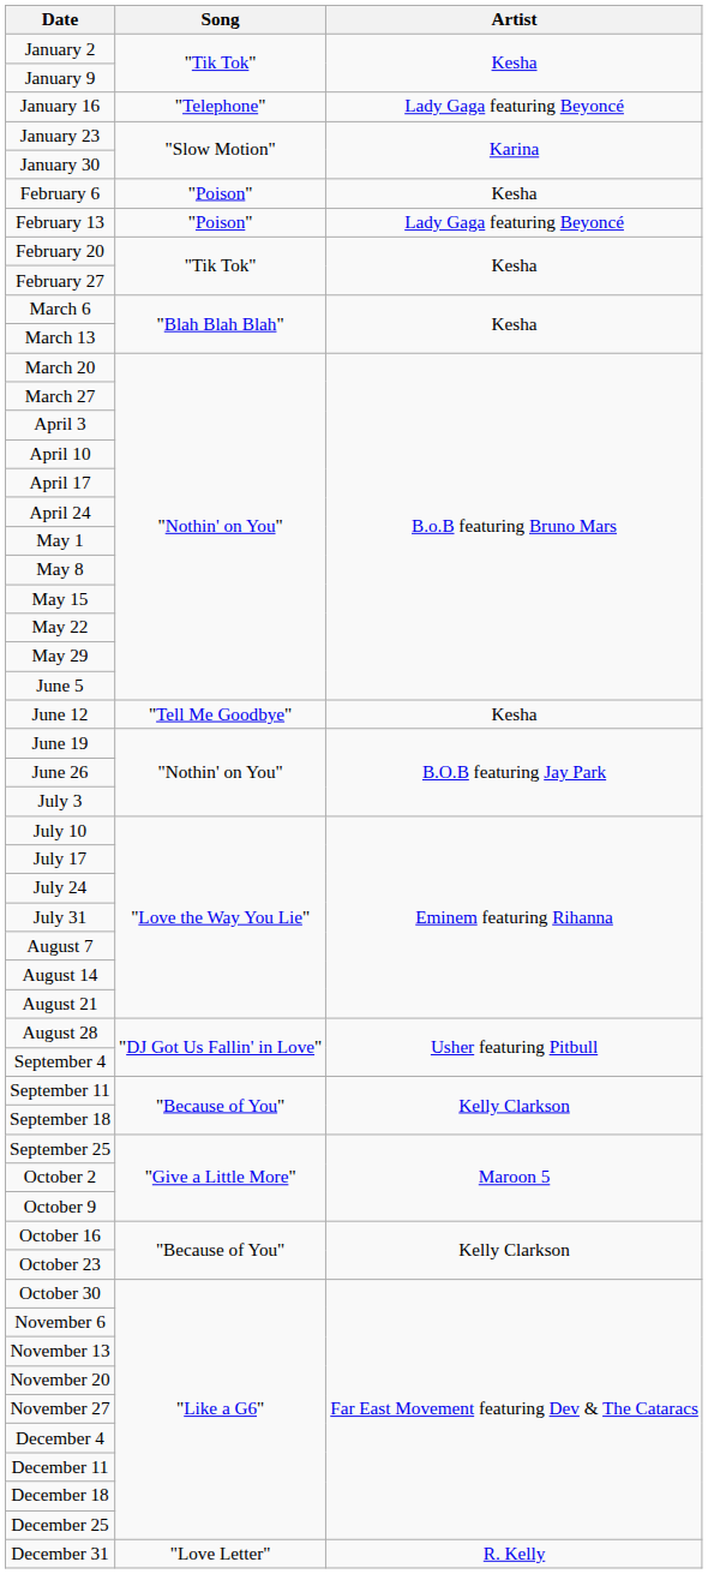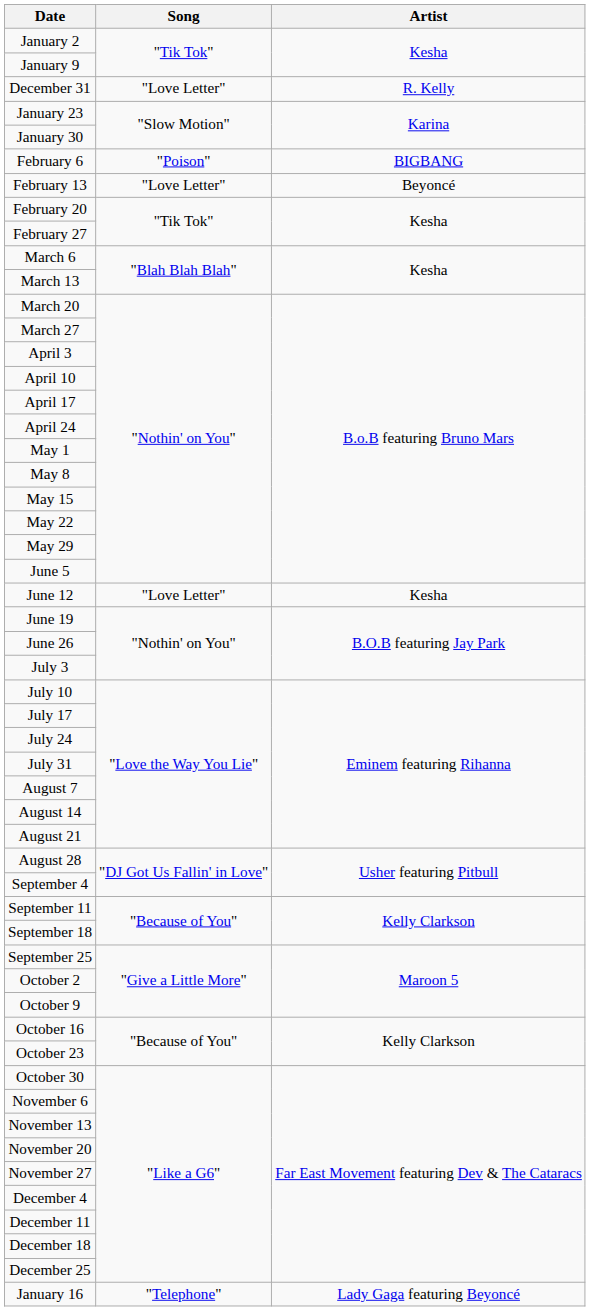 <table class="wikitable">
 <tr>
 <th>Date</th>
 <th>Song</th>
 <th>Artist</th>
 </tr>
 <tr>
 <td align="center">January 2</td>
 <td align="center" rowspan="2">"<a href='#'>Tik Tok</a>"</td>
 <td align="center" rowspan="2"><a href='#'>Kesha</a></td>
 </tr>
 <tr>
 <td align="center">January 9</td>
 </tr>
 <tr>
-<td align="center">January 16</td>
-<td align="center">"<a href='#'>Telephone</a>"</td>
-<td align="center"><a href='#'>Lady Gaga</a> featuring <a href='#'>Beyoncé</a></td>
+<td align="center">December 31</td>
+<td align="center">"Love Letter"</td>
+<td align="center"><a href='#'>R. Kelly</a></td>
 </tr>
 <tr>
 <td align="center">January 23</td>
 <td align="center" rowspan="2">"Slow Motion"</td>
 <td align="center" rowspan="2"><a href='#'>Karina</a></td>
 </tr>
 <tr>
 <td align="center">January 30</td>
 </tr>
 <tr>
 <td align="center">February 6</td>
 <td align="center">"<a href='#'>Poison</a>"</td>
-<td align="center">Kesha</td>
+<td align="center"><a href='#'>BIGBANG</a></td>
 </tr>
 <tr>
 <td align="center">February 13</td>
-<td align="center">"<a href='#'>Poison</a>"</td>
-<td align="center"><a href='#'>Lady Gaga</a> featuring <a href='#'>Beyoncé</a></td>
+<td align="center">"Love Letter"</td>
+<td align="center">Beyoncé</td>
 </tr>
 <tr>
 <td align="center">February 20</td>
 <td align="center" rowspan="2">"Tik Tok"</td>
 <td align="center" rowspan="2">Kesha</td>
 </tr>
 <tr>
 <td align="center">February 27</td>
 </tr>
 <tr>
 <td align="center">March 6</td>
 <td align="center" rowspan="2">"<a href='#'>Blah Blah Blah</a>"</td>
 <td align="center" rowspan="2">Kesha</td>
 </tr>
 <tr>
 <td align="center">March 13</td>
 </tr>
 <tr>
 <td align="center">March 20</td>
 <td align="center" rowspan="12">"<a href='#'>Nothin' on You</a>"</td>
 <td align="center" rowspan="12"><a href='#'>B.o.B</a> featuring <a href='#'>Bruno Mars</a></td>
 </tr>
 <tr>
 <td align="center">March 27</td>
 </tr>
 <tr>
 <td align="center">April 3</td>
 </tr>
 <tr>
 <td align="center">April 10</td>
 </tr>
 <tr>
 <td align="center">April 17</td>
 </tr>
 <tr>
 <td align="center">April 24</td>
 </tr>
 <tr>
 <td align="center">May 1</td>
 </tr>
 <tr>
 <td align="center">May 8</td>
 </tr>
 <tr>
 <td align="center">May 15</td>
 </tr>
 <tr>
 <td align="center">May 22</td>
 </tr>
 <tr>
 <td align="center">May 29</td>
 </tr>
 <tr>
 <td align="center">June 5</td>
 </tr>
 <tr>
 <td align="center">June 12</td>
-<td align="center">"<a href='#'>Tell Me Goodbye</a>"</td>
+<td align="center">"Love Letter"</td>
 <td align="center">Kesha</td>
 </tr>
 <tr>
 <td align="center">June 19</td>
 <td align="center" rowspan="3">"Nothin' on You"</td>
 <td align="center" rowspan="3"><a href='#'>B.O.B</a> featuring <a href='#'>Jay Park</a></td>
 </tr>
 <tr>
 <td align="center">June 26</td>
 </tr>
 <tr>
 <td align="center">July 3</td>
 </tr>
 <tr>
 <td align="center">July 10</td>
 <td align="center" rowspan="7">"<a href='#'>Love the Way You Lie</a>"</td>
 <td align="center" rowspan="7"><a href='#'>Eminem</a> featuring <a href='#'>Rihanna</a></td>
 </tr>
 <tr>
 <td align="center">July 17</td>
 </tr>
 <tr>
 <td align="center">July 24</td>
 </tr>
 <tr>
 <td align="center">July 31</td>
 </tr>
 <tr>
 <td align="center">August 7</td>
 </tr>
 <tr>
 <td align="center">August 14</td>
 </tr>
 <tr>
 <td align="center">August 21</td>
 </tr>
 <tr>
 <td align="center">August 28</td>
 <td align="center" rowspan="2">"<a href='#'>DJ Got Us Fallin' in Love</a>"</td>
 <td align="center" rowspan="2"><a href='#'>Usher</a> featuring <a href='#'>Pitbull</a></td>
 </tr>
 <tr>
 <td align="center">September 4</td>
 </tr>
 <tr>
 <td align="center">September 11</td>
 <td align="center" rowspan="2">"<a href='#'>Because of You</a>"</td>
 <td align="center" rowspan="2"><a href='#'>Kelly Clarkson</a></td>
 </tr>
 <tr>
 <td align="center">September 18</td>
 </tr>
 <tr>
 <td align="center">September 25</td>
 <td align="center" rowspan="3">"<a href='#'>Give a Little More</a>"</td>
 <td align="center" rowspan="3"><a href='#'>Maroon 5</a></td>
 </tr>
 <tr>
 <td align="center">October 2</td>
 </tr>
 <tr>
 <td align="center">October 9</td>
 </tr>
 <tr>
 <td align="center">October 16</td>
 <td align="center" rowspan="2">"Because of You"</td>
 <td align="center" rowspan="2">Kelly Clarkson</td>
 </tr>
 <tr>
 <td align="center">October 23</td>
 </tr>
 <tr>
 <td align="center">October 30</td>
 <td align="center" rowspan="9">"<a href='#'>Like a G6</a>"</td>
 <td align="center" rowspan="9"><a href='#'>Far East Movement</a> featuring <a href='#'>Dev</a> & <a href='#'>The Cataracs</a></td>
 </tr>
 <tr>
 <td align="center">November 6</td>
 </tr>
 <tr>
 <td align="center">November 13</td>
 </tr>
 <tr>
 <td align="center">November 20</td>
 </tr>
 <tr>
 <td align="center">November 27</td>
 </tr>
 <tr>
 <td align="center">December 4</td>
 </tr>
 <tr>
 <td align="center">December 11</td>
 </tr>
 <tr>
 <td align="center">December 18</td>
 </tr>
 <tr>
 <td align="center">December 25</td>
 </tr>
 <tr>
-<td align="center">December 31</td>
-<td align="center">"Love Letter"</td>
-<td align="center"><a href='#'>R. Kelly</a></td>
+<td align="center">January 16</td>
+<td align="center">"<a href='#'>Telephone</a>"</td>
+<td align="center"><a href='#'>Lady Gaga</a> featuring <a href='#'>Beyoncé</a></td>
 </tr>
 </table>
